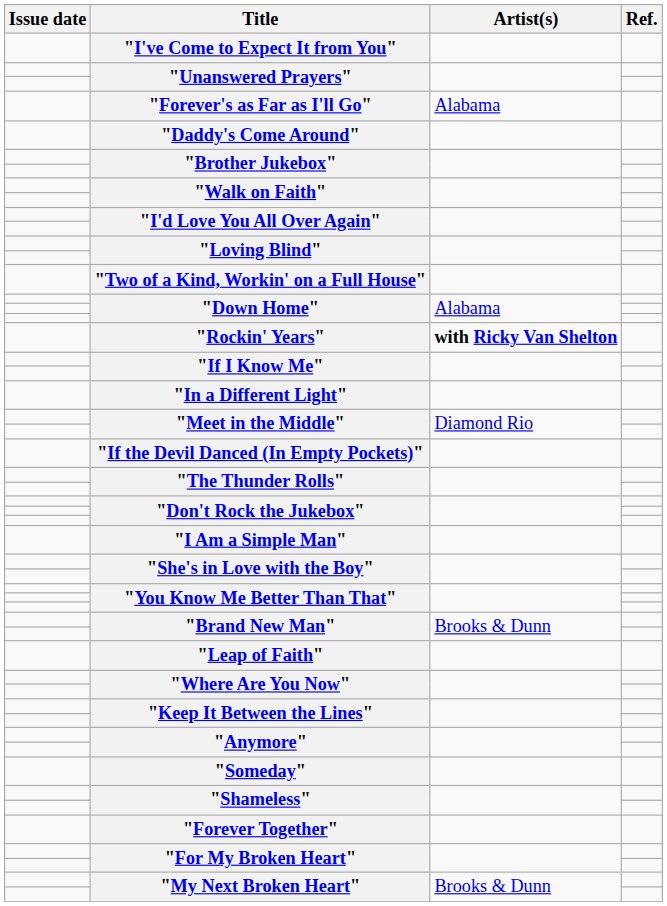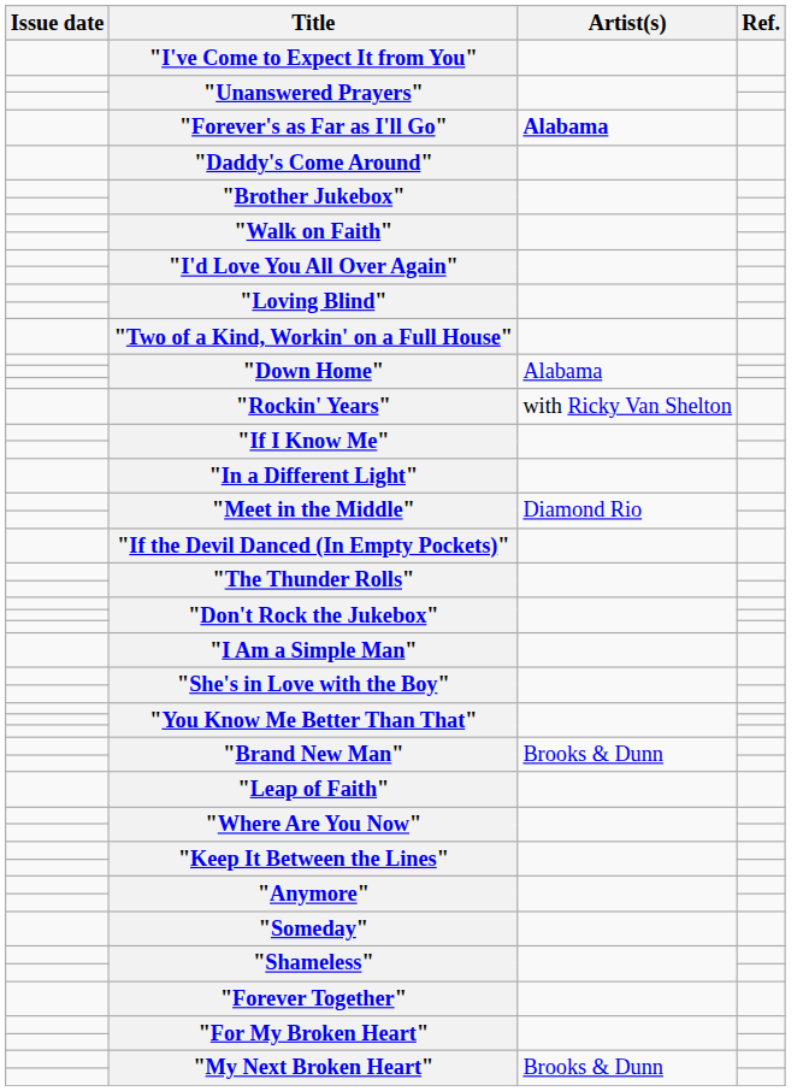 <table class="wikitable sortable plainrowheaders">
 <tr>
 <th scope=col>Issue date</th>
 <th scope=col>Title</th>
 <th scope=col>Artist(s)</th>
 <th scope=col class=unsortable>Ref.</th>
 </tr>
 <tr>
 <td></td>
 <th scope="row">"<a href='#'>I've Come to Expect It from You</a>"</th>
 <td></td>
 <td style="text-align: center;"></td>
 </tr>
 <tr>
 <td></td>
 <th scope="row" rowspan=2>"<a href='#'>Unanswered Prayers</a>"</th>
 <td rowspan="2"></td>
 <td style="text-align: center;"></td>
 </tr>
 <tr>
 <td></td>
 <td style="text-align: center;"></td>
 </tr>
 <tr>
 <td></td>
 <th scope="row">"<a href='#'>Forever's as Far as I'll Go</a>"</th>
-<td><a href='#'>Alabama</a></td>
+<td><strong><a href='#'>Alabama</a></strong></td>
 <td style="text-align: center;"></td>
 </tr>
 <tr>
 <td></td>
 <th scope="row">"<a href='#'>Daddy's Come Around</a>"</th>
 <td></td>
 <td style="text-align: center;"></td>
 </tr>
 <tr>
 <td></td>
 <th scope="row" rowspan="2">"<a href='#'>Brother Jukebox</a>"</th>
 <td rowspan="2"></td>
 <td style="text-align: center;"></td>
 </tr>
 <tr>
 <td></td>
 <td style="text-align: center;"></td>
 </tr>
 <tr>
 <td></td>
 <th scope="row" rowspan="2">"<a href='#'>Walk on Faith</a>"</th>
 <td rowspan="2"></td>
 <td style="text-align: center;"></td>
 </tr>
 <tr>
 <td></td>
 <td style="text-align: center;"></td>
 </tr>
 <tr>
 <td></td>
 <th scope="row" rowspan="2">"<a href='#'>I'd Love You All Over Again</a>"</th>
 <td rowspan="2"></td>
 <td style="text-align: center;"></td>
 </tr>
 <tr>
 <td></td>
 <td style="text-align: center;"></td>
 </tr>
 <tr>
 <td></td>
 <th scope="row" rowspan="2">"<a href='#'>Loving Blind</a>"</th>
 <td rowspan="2"></td>
 <td style="text-align: center;"></td>
 </tr>
 <tr>
 <td></td>
 <td style="text-align: center;"></td>
 </tr>
 <tr>
 <td></td>
 <th scope="row">"<a href='#'>Two of a Kind, Workin' on a Full House</a>"</th>
 <td></td>
 <td style="text-align: center;"></td>
 </tr>
 <tr>
 <td></td>
 <th scope="row" rowspan="3">"<a href='#'>Down Home</a>"</th>
 <td rowspan="3"><a href='#'>Alabama</a></td>
 <td style="text-align: center;"></td>
 </tr>
 <tr>
 <td></td>
 <td style="text-align: center;"></td>
 </tr>
 <tr>
 <td></td>
 <td style="text-align: center;"></td>
 </tr>
 <tr>
 <td></td>
 <th scope="row">"<a href='#'>Rockin' Years</a>"</th>
-<td><strong> with <a href='#'>Ricky Van Shelton</a></strong></td>
+<td> with <a href='#'>Ricky Van Shelton</a></td>
 <td style="text-align: center;"></td>
 </tr>
 <tr>
 <td></td>
 <th scope="row" rowspan="2">"<a href='#'>If I Know Me</a>"</th>
 <td rowspan="2"></td>
 <td style="text-align: center;"></td>
 </tr>
 <tr>
 <td></td>
 <td style="text-align: center;"></td>
 </tr>
 <tr>
 <td></td>
 <th scope="row">"<a href='#'>In a Different Light</a>"</th>
 <td></td>
 <td style="text-align: center;"></td>
 </tr>
 <tr>
 <td></td>
 <th scope="row" rowspan="2">"<a href='#'>Meet in the Middle</a>"</th>
 <td rowspan="2"><a href='#'>Diamond Rio</a></td>
 <td style="text-align: center;"></td>
 </tr>
 <tr>
 <td></td>
 <td style="text-align: center;"></td>
 </tr>
 <tr>
 <td></td>
 <th scope="row">"<a href='#'>If the Devil Danced (In Empty Pockets)</a>"</th>
 <td></td>
 <td style="text-align: center;"></td>
 </tr>
 <tr>
 <td></td>
 <th scope="row" rowspan="2">"<a href='#'>The Thunder Rolls</a>"</th>
 <td rowspan="2"></td>
 <td style="text-align: center;"></td>
 </tr>
 <tr>
 <td></td>
 <td style="text-align: center;"></td>
 </tr>
 <tr>
 <td></td>
 <th scope="row" rowspan="3">"<a href='#'>Don't Rock the Jukebox</a>"</th>
 <td rowspan="3"></td>
 <td style="text-align: center;"></td>
 </tr>
 <tr>
 <td></td>
 <td style="text-align: center;"></td>
 </tr>
 <tr>
 <td></td>
 <td style="text-align: center;"></td>
 </tr>
 <tr>
 <td></td>
 <th scope="row">"<a href='#'>I Am a Simple Man</a>"</th>
 <td></td>
 <td style="text-align: center;"></td>
 </tr>
 <tr>
 <td></td>
 <th scope="row" rowspan="2">"<a href='#'>She's in Love with the Boy</a>"</th>
 <td rowspan="2"></td>
 <td style="text-align: center;"></td>
 </tr>
 <tr>
 <td></td>
 <td style="text-align: center;"></td>
 </tr>
 <tr>
 <td></td>
 <th scope="row" rowspan="3">"<a href='#'>You Know Me Better Than That</a>"</th>
 <td rowspan="3"></td>
 <td style="text-align: center;"></td>
 </tr>
 <tr>
 <td></td>
 <td style="text-align: center;"></td>
 </tr>
 <tr>
 <td></td>
 <td style="text-align: center;"></td>
 </tr>
 <tr>
 <td></td>
 <th scope="row" rowspan="2">"<a href='#'>Brand New Man</a>"</th>
 <td rowspan="2"><a href='#'>Brooks & Dunn</a></td>
 <td style="text-align: center;"></td>
 </tr>
 <tr>
 <td></td>
 <td style="text-align: center;"></td>
 </tr>
 <tr>
 <td></td>
 <th scope="row">"<a href='#'>Leap of Faith</a>"</th>
 <td></td>
 <td style="text-align: center;"></td>
 </tr>
 <tr>
 <td></td>
 <th scope="row" rowspan="2">"<a href='#'>Where Are You Now</a>"</th>
 <td rowspan="2"></td>
 <td style="text-align: center;"></td>
 </tr>
 <tr>
 <td></td>
 <td style="text-align: center;"></td>
 </tr>
 <tr>
 <td></td>
 <th scope="row" rowspan="2">"<a href='#'>Keep It Between the Lines</a>"</th>
 <td rowspan="2"></td>
 <td style="text-align: center;"></td>
 </tr>
 <tr>
 <td></td>
 <td style="text-align: center;"></td>
 </tr>
 <tr>
 <td></td>
 <th scope="row" rowspan="2">"<a href='#'>Anymore</a>"</th>
 <td rowspan="2"></td>
 <td style="text-align: center;"></td>
 </tr>
 <tr>
 <td></td>
 <td style="text-align: center;"></td>
 </tr>
 <tr>
 <td></td>
 <th scope="row">"<a href='#'>Someday</a>"</th>
 <td></td>
 <td style="text-align: center;"></td>
 </tr>
 <tr>
 <td></td>
 <th scope="row" rowspan="2">"<a href='#'>Shameless</a>"</th>
 <td rowspan="2"></td>
 <td style="text-align: center;"></td>
 </tr>
 <tr>
 <td></td>
 <td style="text-align: center;"></td>
 </tr>
 <tr>
 <td></td>
 <th scope="row">"<a href='#'>Forever Together</a>"</th>
 <td></td>
 <td style="text-align: center;"></td>
 </tr>
 <tr>
 <td></td>
 <th scope="row" rowspan="2">"<a href='#'>For My Broken Heart</a>"</th>
 <td rowspan="2"></td>
 <td style="text-align: center;"></td>
 </tr>
 <tr>
 <td></td>
 <td style="text-align: center;"></td>
 </tr>
 <tr>
 <td></td>
 <th scope="row" rowspan="2">"<a href='#'>My Next Broken Heart</a>"</th>
 <td rowspan="2"><a href='#'>Brooks & Dunn</a></td>
 <td style="text-align: center;"></td>
 </tr>
 <tr>
 <td></td>
 <td style="text-align: center;"></td>
 </tr>
 </table>
